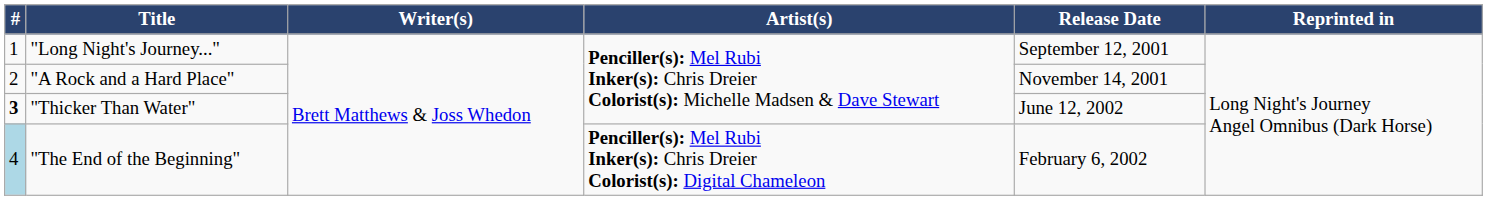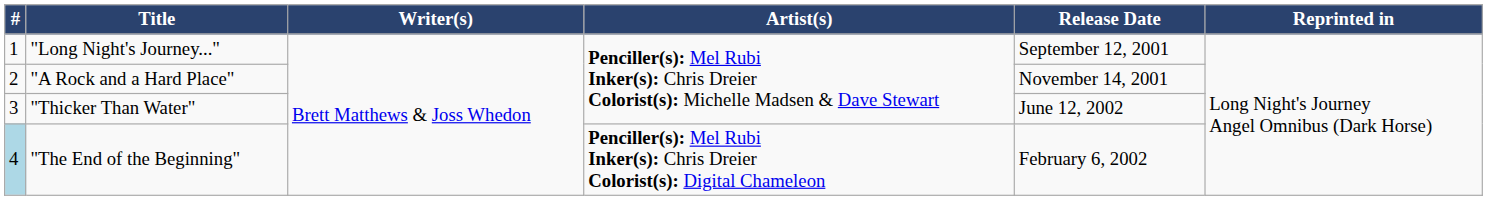 <table style="width: 100%;" class="wikitable">
 <tr>
 <th style="background: #2A426E; color: white;">#</th>
 <th style="background: #2A426E; color: white;">Title</th>
 <th style="background: #2A426E; color: white;">Writer(s)</th>
 <th style="background: #2A426E; color: white;">Artist(s)</th>
 <th style="background: #2A426E; color: white;">Release Date</th>
 <th style="background: #2A426E; color: white;">Reprinted in</th>
 </tr>
 <tr>
 <td>1</td>
 <td>"Long Night's Journey..."</td>
 <td rowspan="4"><a href='#'>Brett Matthews</a> & <a href='#'>Joss Whedon</a></td>
 <td rowspan="3"><strong>Penciller(s):</strong> <a href='#'>Mel Rubi</a><br><strong>Inker(s):</strong> Chris Dreier<br><strong>Colorist(s):</strong> Michelle Madsen & <a href='#'>Dave Stewart</a></td>
 <td>September 12, 2001</td>
 <td rowspan="4">Long Night's Journey<br>Angel Omnibus (Dark Horse)</td>
 </tr>
 <tr>
 <td>2</td>
 <td>"A Rock and a Hard Place"</td>
 <td>November 14, 2001</td>
 </tr>
 <tr>
-<td><strong>3</strong></td>
+<td>3</td>
 <td>"Thicker Than Water"</td>
 <td>June 12, 2002</td>
 </tr>
 <tr>
 <td style="background: lightblue;">4</td>
 <td>"The End of the Beginning"</td>
 <td><strong>Penciller(s):</strong> <a href='#'>Mel Rubi</a><br><strong>Inker(s):</strong> Chris Dreier<br><strong>Colorist(s):</strong> <a href='#'>Digital Chameleon</a></td>
 <td>February 6, 2002</td>
 </tr>
 </table>
